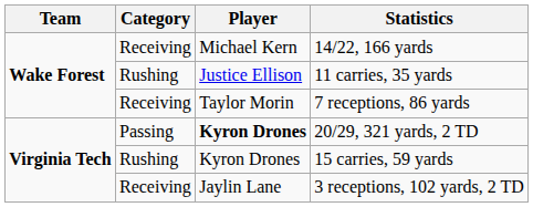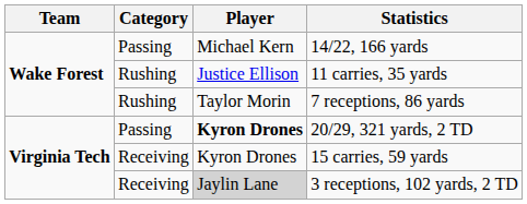 <table class="wikitable" style="float: right;">
 <tr>
 <th>Team</th>
 <th>Category</th>
 <th>Player</th>
 <th>Statistics</th>
 </tr>
 <tr>
 <td rowspan=3><strong>Wake Forest</strong></td>
-<td>Receiving</td>
+<td>Passing</td>
 <td>Michael Kern</td>
 <td>14/22, 166 yards</td>
 </tr>
 <tr>
 <td>Rushing</td>
 <td><a href='#'>Justice Ellison</a></td>
 <td>11 carries, 35 yards</td>
 </tr>
 <tr>
-<td>Receiving</td>
+<td>Rushing</td>
 <td>Taylor Morin</td>
 <td>7 receptions, 86 yards</td>
 </tr>
 <tr>
 <td rowspan=3><strong>Virginia Tech</strong></td>
 <td>Passing</td>
 <td><strong>Kyron Drones</strong></td>
 <td>20/29, 321 yards, 2 TD</td>
 </tr>
 <tr>
-<td>Rushing</td>
+<td>Receiving</td>
 <td>Kyron Drones</td>
 <td>15 carries, 59 yards</td>
 </tr>
 <tr>
 <td>Receiving</td>
-<td>Jaylin Lane</td>
+<td style="background: lightgrey;">Jaylin Lane</td>
 <td>3 receptions, 102 yards, 2 TD</td>
 </tr>
 </table>
